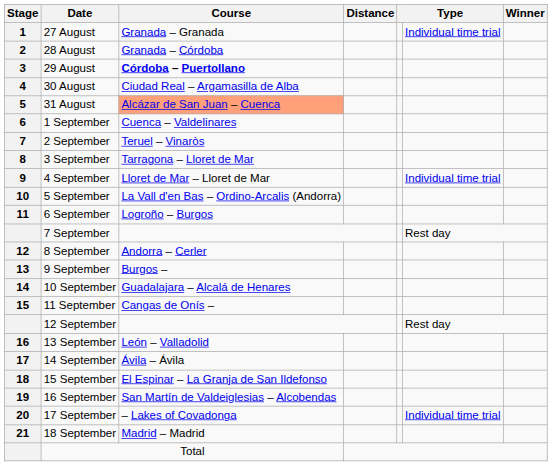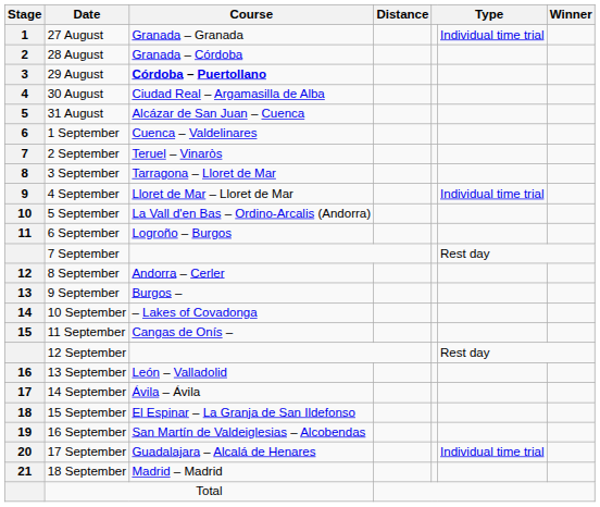 <table class="wikitable">
 <tr>
 <th scope="col">Stage</th>
 <th scope="col">Date</th>
 <th scope="col">Course</th>
 <th scope="col">Distance</th>
 <th scope="col" colspan="2">Type</th>
 <th scope="col">Winner</th>
 </tr>
 <tr>
 <th scope="row">1</th>
 <td>27 August</td>
 <td><a href='#'>Granada</a> – Granada</td>
 <td style="text-align:center;"></td>
 <td></td>
 <td><a href='#'>Individual time trial</a></td>
 <td></td>
 </tr>
 <tr>
 <th scope="row">2</th>
 <td>28 August</td>
 <td><a href='#'>Granada</a> – <a href='#'>Córdoba</a></td>
 <td style="text-align:center;"></td>
 <td></td>
 <td></td>
 <td><s></s></td>
 </tr>
 <tr>
 <th scope="row">3</th>
 <td>29 August</td>
 <td><strong><a href='#'>Córdoba</a> – <a href='#'>Puertollano</a></strong></td>
 <td style="text-align:center;"></td>
 <td></td>
 <td></td>
 <td></td>
 </tr>
 <tr>
 <th scope="row">4</th>
 <td>30 August</td>
 <td><a href='#'>Ciudad Real</a> – <a href='#'>Argamasilla de Alba</a></td>
 <td style="text-align:center;"></td>
 <td></td>
 <td></td>
 <td></td>
 </tr>
 <tr>
 <th scope="row">5</th>
 <td>31 August</td>
-<td style="background: lightsalmon;"><a href='#'>Alcázar de San Juan</a> – <a href='#'>Cuenca</a></td>
+<td><a href='#'>Alcázar de San Juan</a> – <a href='#'>Cuenca</a></td>
 <td style="text-align:center;"></td>
 <td></td>
 <td></td>
 <td></td>
 </tr>
 <tr>
 <th scope="row">6</th>
 <td>1 September</td>
 <td><a href='#'>Cuenca</a> – <a href='#'>Valdelinares</a></td>
 <td style="text-align:center;"></td>
 <td></td>
 <td></td>
 <td></td>
 </tr>
 <tr>
 <th scope="row">7</th>
 <td>2 September</td>
 <td><a href='#'>Teruel</a> – <a href='#'>Vinaròs</a></td>
 <td style="text-align:center;"></td>
 <td></td>
 <td></td>
 <td></td>
 </tr>
 <tr>
 <th scope="row">8</th>
 <td>3 September</td>
 <td><a href='#'>Tarragona</a> – <a href='#'>Lloret de Mar</a></td>
 <td style="text-align:center;"></td>
 <td></td>
 <td></td>
 <td></td>
 </tr>
 <tr>
 <th scope="row">9</th>
 <td>4 September</td>
 <td><a href='#'>Lloret de Mar</a> – Lloret de Mar</td>
 <td style="text-align:center;"></td>
 <td></td>
 <td><a href='#'>Individual time trial</a></td>
 <td></td>
 </tr>
 <tr>
 <th scope="row">10</th>
 <td>5 September</td>
 <td><a href='#'>La Vall d'en Bas</a> – <a href='#'>Ordino-Arcalis</a> (Andorra)</td>
 <td style="text-align:center;"></td>
 <td></td>
 <td></td>
 <td></td>
 </tr>
 <tr>
 <th scope="row">11</th>
 <td>6 September</td>
 <td><a href='#'>Logroño</a> – <a href='#'>Burgos</a></td>
 <td style="text-align:center;"></td>
 <td></td>
 <td></td>
 <td></td>
 </tr>
 <tr>
 <th scope="row"></th>
 <td>7 September</td>
 <td colspan="2"></td>
 <td></td>
 <td colspan="3">Rest day</td>
 </tr>
 <tr>
 <th scope="row">12</th>
 <td>8 September</td>
 <td><a href='#'>Andorra</a> – <a href='#'>Cerler</a></td>
 <td style="text-align:center;"></td>
 <td></td>
 <td></td>
 <td></td>
 </tr>
 <tr>
 <th scope="row">13</th>
 <td>9 September</td>
 <td><a href='#'>Burgos</a> – </td>
 <td style="text-align:center;"></td>
 <td></td>
 <td></td>
 <td></td>
 </tr>
 <tr>
 <th scope="row">14</th>
 <td>10 September</td>
-<td><a href='#'>Guadalajara</a> – <a href='#'>Alcalá de Henares</a></td>
+<td> – <a href='#'>Lakes of Covadonga</a></td>
 <td style="text-align:center;"></td>
 <td></td>
 <td></td>
 <td></td>
 </tr>
 <tr>
 <th scope="row">15</th>
 <td>11 September</td>
 <td><a href='#'>Cangas de Onís</a> – </td>
 <td style="text-align:center;"></td>
 <td></td>
 <td></td>
 <td></td>
 </tr>
 <tr>
 <th scope="row"></th>
 <td>12 September</td>
 <td colspan="2"></td>
 <td></td>
 <td colspan="3">Rest day</td>
 </tr>
 <tr>
 <th scope="row">16</th>
 <td>13 September</td>
 <td><a href='#'>León</a> – <a href='#'>Valladolid</a></td>
 <td style="text-align:center;"></td>
 <td></td>
 <td></td>
 <td></td>
 </tr>
 <tr>
 <th scope="row">17</th>
 <td>14 September</td>
 <td><a href='#'>Ávila</a> – Ávila</td>
 <td style="text-align:center;"></td>
 <td></td>
 <td></td>
 <td></td>
 </tr>
 <tr>
 <th scope="row">18</th>
 <td>15 September</td>
 <td><a href='#'>El Espinar</a> – <a href='#'>La Granja de San Ildefonso</a></td>
 <td style="text-align:center;"></td>
 <td></td>
 <td></td>
 <td></td>
 </tr>
 <tr>
 <th scope="row">19</th>
 <td>16 September</td>
 <td><a href='#'>San Martín de Valdeiglesias</a> – <a href='#'>Alcobendas</a></td>
 <td style="text-align:center;"></td>
 <td></td>
 <td></td>
 <td></td>
 </tr>
 <tr>
 <th scope="row">20</th>
 <td>17 September</td>
-<td> – <a href='#'>Lakes of Covadonga</a></td>
+<td><a href='#'>Guadalajara</a> – <a href='#'>Alcalá de Henares</a></td>
 <td style="text-align:center;"></td>
 <td></td>
 <td><a href='#'>Individual time trial</a></td>
 <td></td>
 </tr>
 <tr>
 <th scope="row">21</th>
 <td>18 September</td>
 <td><a href='#'>Madrid</a> – Madrid</td>
 <td style="text-align:center;"></td>
 <td></td>
 <td></td>
 <td></td>
 </tr>
 <tr>
 <th scope="row"></th>
 <td colspan="2" style="text-align:center">Total</td>
 <td colspan="5" style="text-align:center"></td>
 </tr>
 </table>
